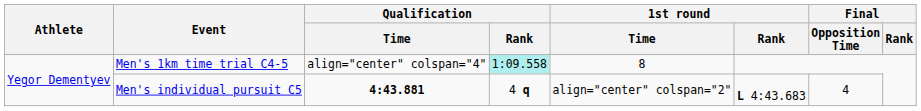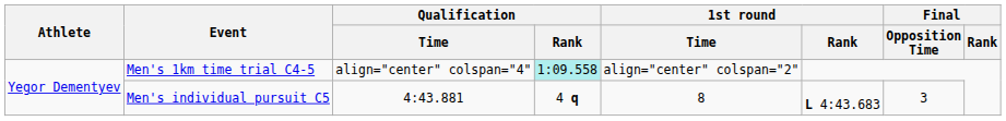 <table class=wikitable>
 <tr>
 <th rowspan="2">Athlete</th>
 <th rowspan="2">Event</th>
 <th colspan="2">Qualification</th>
 <th colspan="2">1st round</th>
 <th colspan="2">Final</th>
 </tr>
 <tr>
 <th>Time</th>
 <th>Rank</th>
 <th>Time</th>
 <th>Rank</th>
 <th>Opposition<br>Time</th>
 <th>Rank</th>
 </tr>
 <tr>
 <td rowspan="2"><a href='#'>Yegor Dementyev</a></td>
 <td><a href='#'>Men's 1km time trial C4-5</a></td>
 <td>align="center" colspan="4" </td>
 <td align="center" style="background: paleturquoise;">1:09.558</td>
-<td align="center">8</td>
+<td>align="center" colspan="2" </td>
 </tr>
 <tr>
 <td><a href='#'>Men's individual pursuit C5</a></td>
-<td align="center"><strong>4:43.881</strong></td>
+<td align="center">4:43.881</td>
 <td align="center">4 <strong>q</strong></td>
-<td>align="center" colspan="2" </td>
+<td align="center">8</td>
 <td align="center"><br> <strong>L</strong> 4:43.683</td>
-<td align="center">4</td>
+<td align="center">3</td>
 </tr>
 </table>
